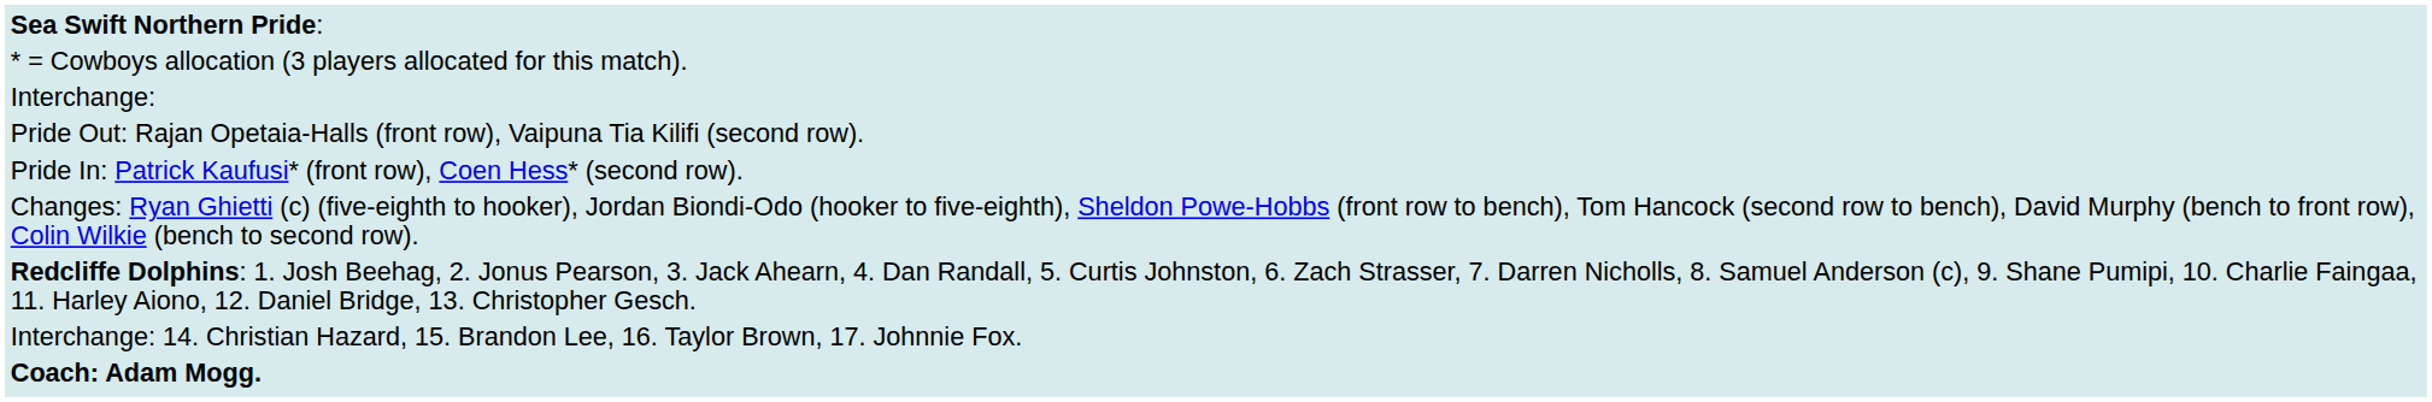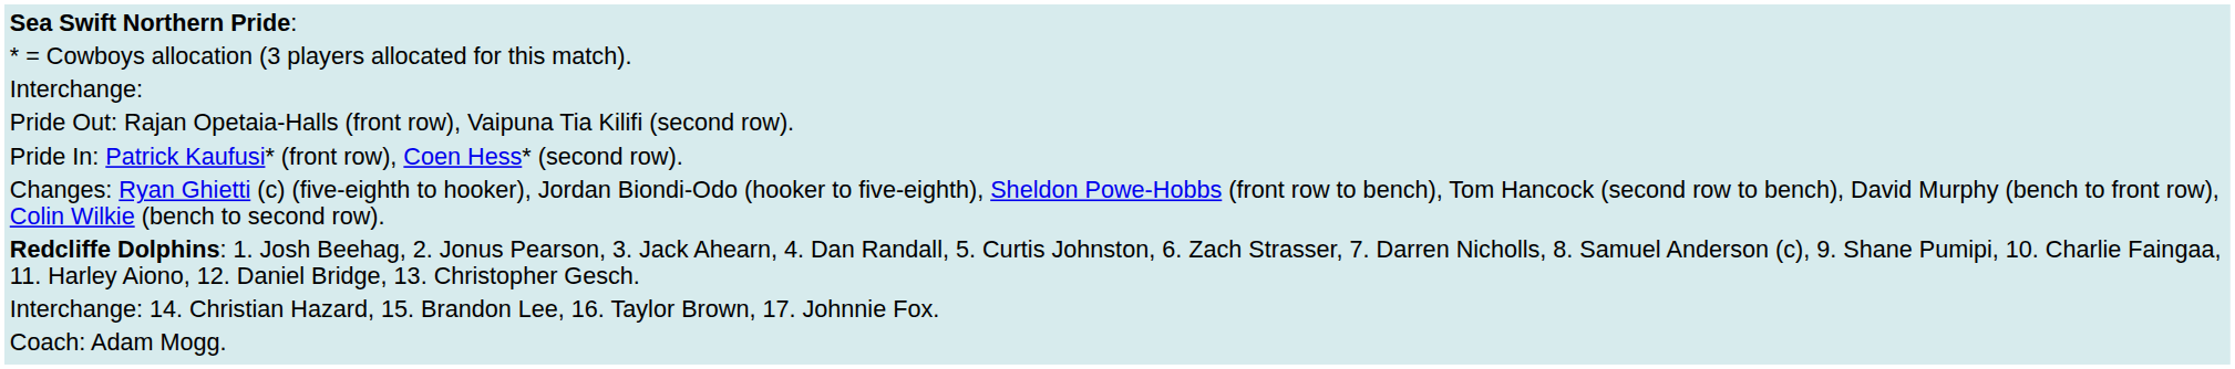 <table style="background:#d7ebed; font-size:85%; width:100%;">
 <tr>
 <td><strong>Sea Swift Northern Pride</strong>:             </td>
 </tr>
 <tr>
 <td>* = Cowboys allocation (3 players allocated for this match).</td>
 </tr>
 <tr>
 <td>Interchange:    </td>
 </tr>
 <tr>
 <td>Pride Out: Rajan Opetaia-Halls (front row), Vaipuna Tia Kilifi (second row).</td>
 </tr>
 <tr>
 <td>Pride In: <a href='#'>Patrick Kaufusi</a>* (front row), <a href='#'>Coen Hess</a>* (second row).</td>
 </tr>
 <tr>
 <td>Changes: <a href='#'>Ryan Ghietti</a> (c) (five-eighth to hooker), Jordan Biondi-Odo (hooker to five-eighth), <a href='#'>Sheldon Powe-Hobbs</a> (front row to bench), Tom Hancock (second row to bench), David Murphy (bench to front row), <a href='#'>Colin Wilkie</a> (bench to second row).</td>
 </tr>
 <tr>
 <td><strong>Redcliffe Dolphins</strong>: 1. Josh Beehag, 2. Jonus Pearson, 3. Jack Ahearn, 4. Dan Randall, 5. Curtis Johnston, 6. Zach Strasser, 7. Darren Nicholls, 8. Samuel Anderson (c), 9. Shane Pumipi, 10. Charlie Faingaa, 11. Harley Aiono, 12. Daniel Bridge, 13. Christopher Gesch.</td>
 </tr>
 <tr>
 <td>Interchange: 14. Christian Hazard, 15. Brandon Lee, 16. Taylor Brown, 17. Johnnie Fox.</td>
 </tr>
 <tr>
-<td><strong>Coach: Adam Mogg.</strong></td>
+<td>Coach: Adam Mogg.</td>
 </tr>
 <tr>
 </tr>
 </table>
